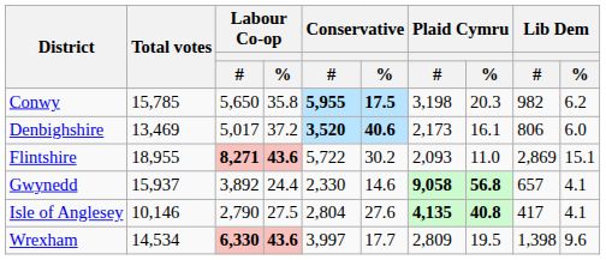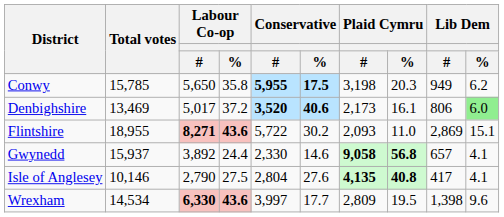 <table class="wikitable sortable">
 <tr>
 <th rowspan=3>District</th>
 <th rowspan=3>Total votes</th>
 <th colspan="2">Labour<br>Co-op</th>
 <th colspan="2">Conservative</th>
 <th colspan="2">Plaid Cymru</th>
 <th colspan="2">Lib Dem</th>
 </tr>
 <tr>
 <th colspan="2" style="background:"></th>
 <th colspan="2" style="background:"></th>
 <th colspan="2" style="background:"></th>
 <th colspan="2" style="background:"></th>
 </tr>
 <tr>
 <th>#</th>
 <th>%</th>
 <th>#</th>
 <th>%</th>
 <th>#</th>
 <th>%</th>
 <th>#</th>
 <th>%</th>
 </tr>
 <tr>
 <td><a href='#'>Conwy</a></td>
 <td>15,785</td>
 <td>5,650</td>
 <td>35.8</td>
 <td style="background:#B9E4FF;"><strong>5,955</strong></td>
 <td style="background:#B9E4FF;"><strong>17.5</strong></td>
 <td>3,198</td>
 <td>20.3</td>
-<td>982</td>
+<td>949</td>
 <td>6.2</td>
 </tr>
 <tr>
 <td><a href='#'>Denbighshire</a></td>
 <td>13,469</td>
 <td>5,017</td>
 <td>37.2</td>
 <td style="background:#B9E4FF;"><strong>3,520</strong></td>
 <td style="background:#B9E4FF;"><strong>40.6</strong></td>
 <td>2,173</td>
 <td>16.1</td>
 <td>806</td>
-<td>6.0</td>
+<td style="background: lightgreen;">6.0</td>
 </tr>
 <tr>
 <td><a href='#'>Flintshire</a></td>
 <td>18,955</td>
 <td style="background:#F8C1BE;"><strong>8,271</strong></td>
 <td style="background:#F8C1BE;"><strong>43.6</strong></td>
 <td>5,722</td>
 <td>30.2</td>
 <td>2,093</td>
 <td>11.0</td>
 <td>2,869</td>
 <td>15.1</td>
 </tr>
 <tr>
 <td><a href='#'>Gwynedd</a></td>
 <td>15,937</td>
 <td>3,892</td>
 <td>24.4</td>
 <td>2,330</td>
 <td>14.6</td>
 <td style="background:#cefad0;"><strong>9,058</strong></td>
 <td style="background:#cefad0;"><strong>56.8</strong></td>
 <td>657</td>
 <td>4.1</td>
 </tr>
 <tr>
 <td><a href='#'>Isle of Anglesey</a></td>
 <td>10,146</td>
 <td>2,790</td>
 <td>27.5</td>
 <td>2,804</td>
 <td>27.6</td>
 <td style="background:#cefad0;"><strong>4,135</strong></td>
 <td style="background:#cefad0;"><strong>40.8</strong></td>
 <td>417</td>
 <td>4.1</td>
 </tr>
 <tr>
 <td><a href='#'>Wrexham</a></td>
 <td>14,534</td>
 <td style="background:#F8C1BE;"><strong>6,330</strong></td>
 <td style="background:#F8C1BE;"><strong>43.6</strong></td>
 <td>3,997</td>
 <td>17.7</td>
 <td>2,809</td>
 <td>19.5</td>
 <td>1,398</td>
 <td>9.6</td>
 </tr>
 </table>
